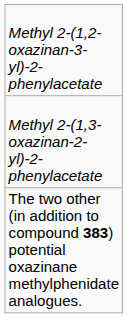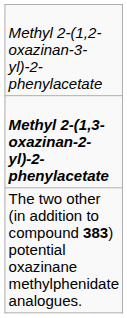 <table class="wikitable" align="right" width=50>
 <tr>
 <td><br><em>Methyl 2-(1,2-oxazinan-3-yl)-2-phenylacetate</em></td>
 </tr>
 <tr>
-<td><br><em>Methyl 2-(1,3-oxazinan-2-yl)-2-phenylacetate</em></td>
+<td><strong><br><em>Methyl 2-(1,3-oxazinan-2-yl)-2-phenylacetate</em></strong></td>
 </tr>
 <tr>
 <td>The two other (in addition to compound <strong>383</strong>) potential oxazinane methylphenidate analogues.</td>
 </tr>
 </table>
